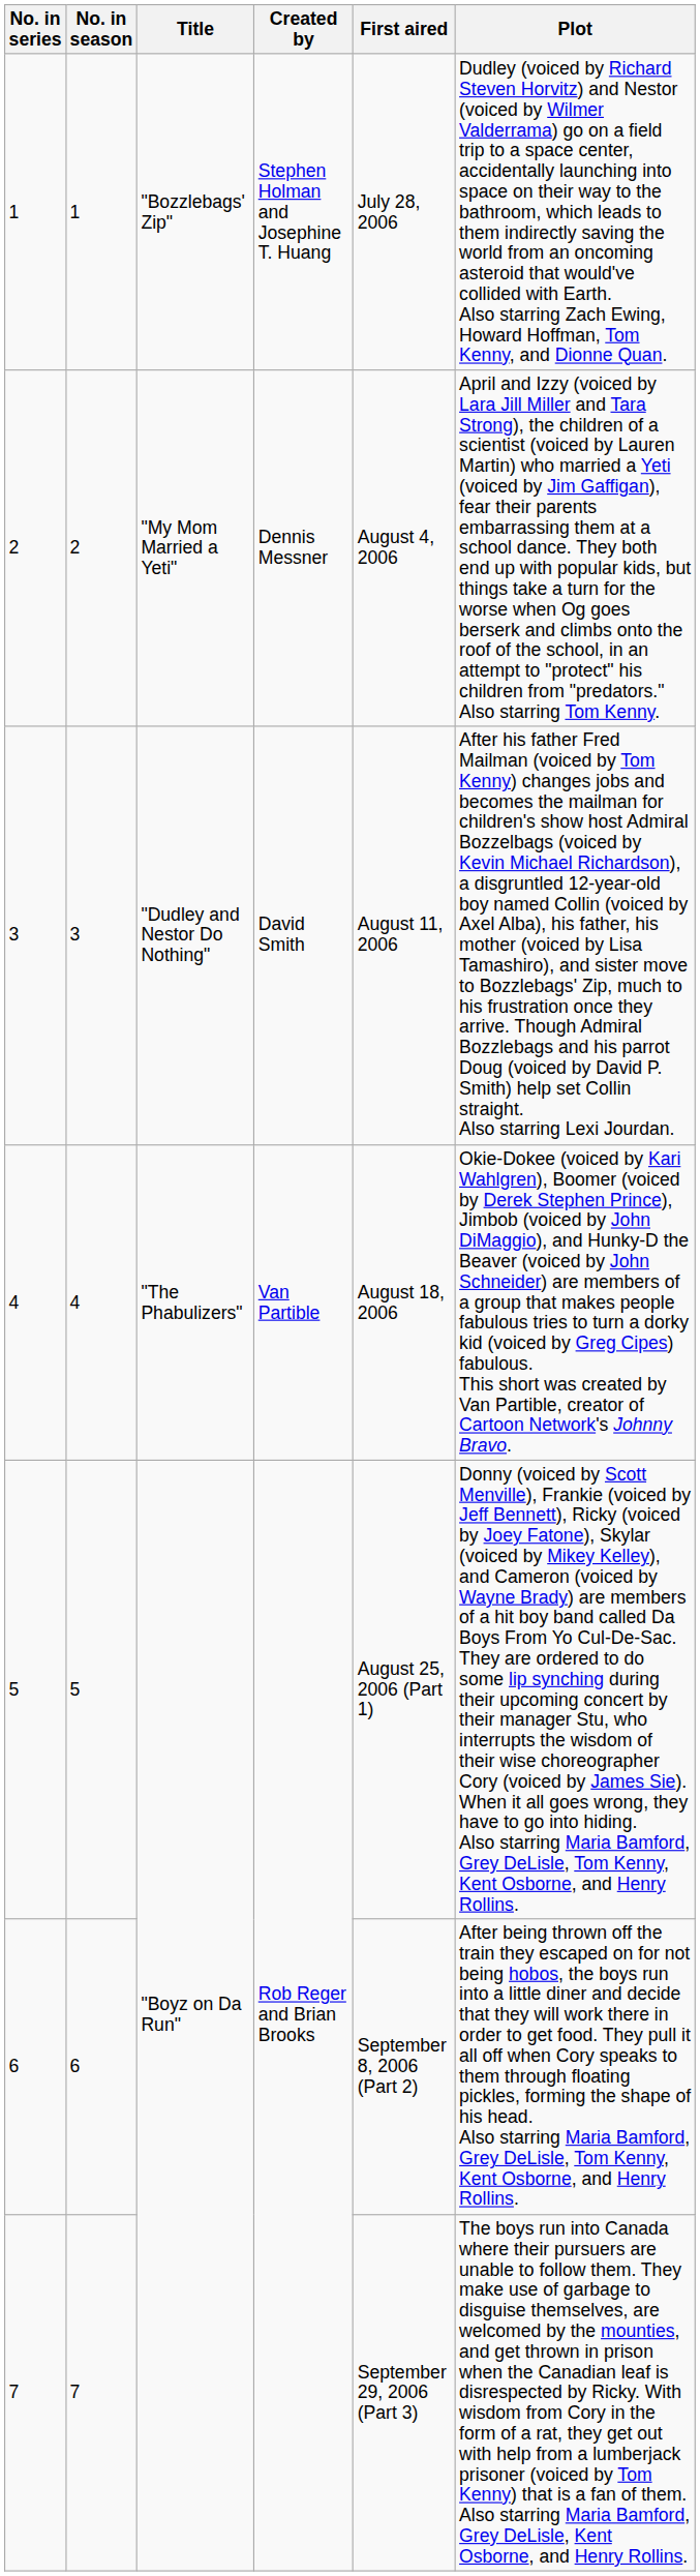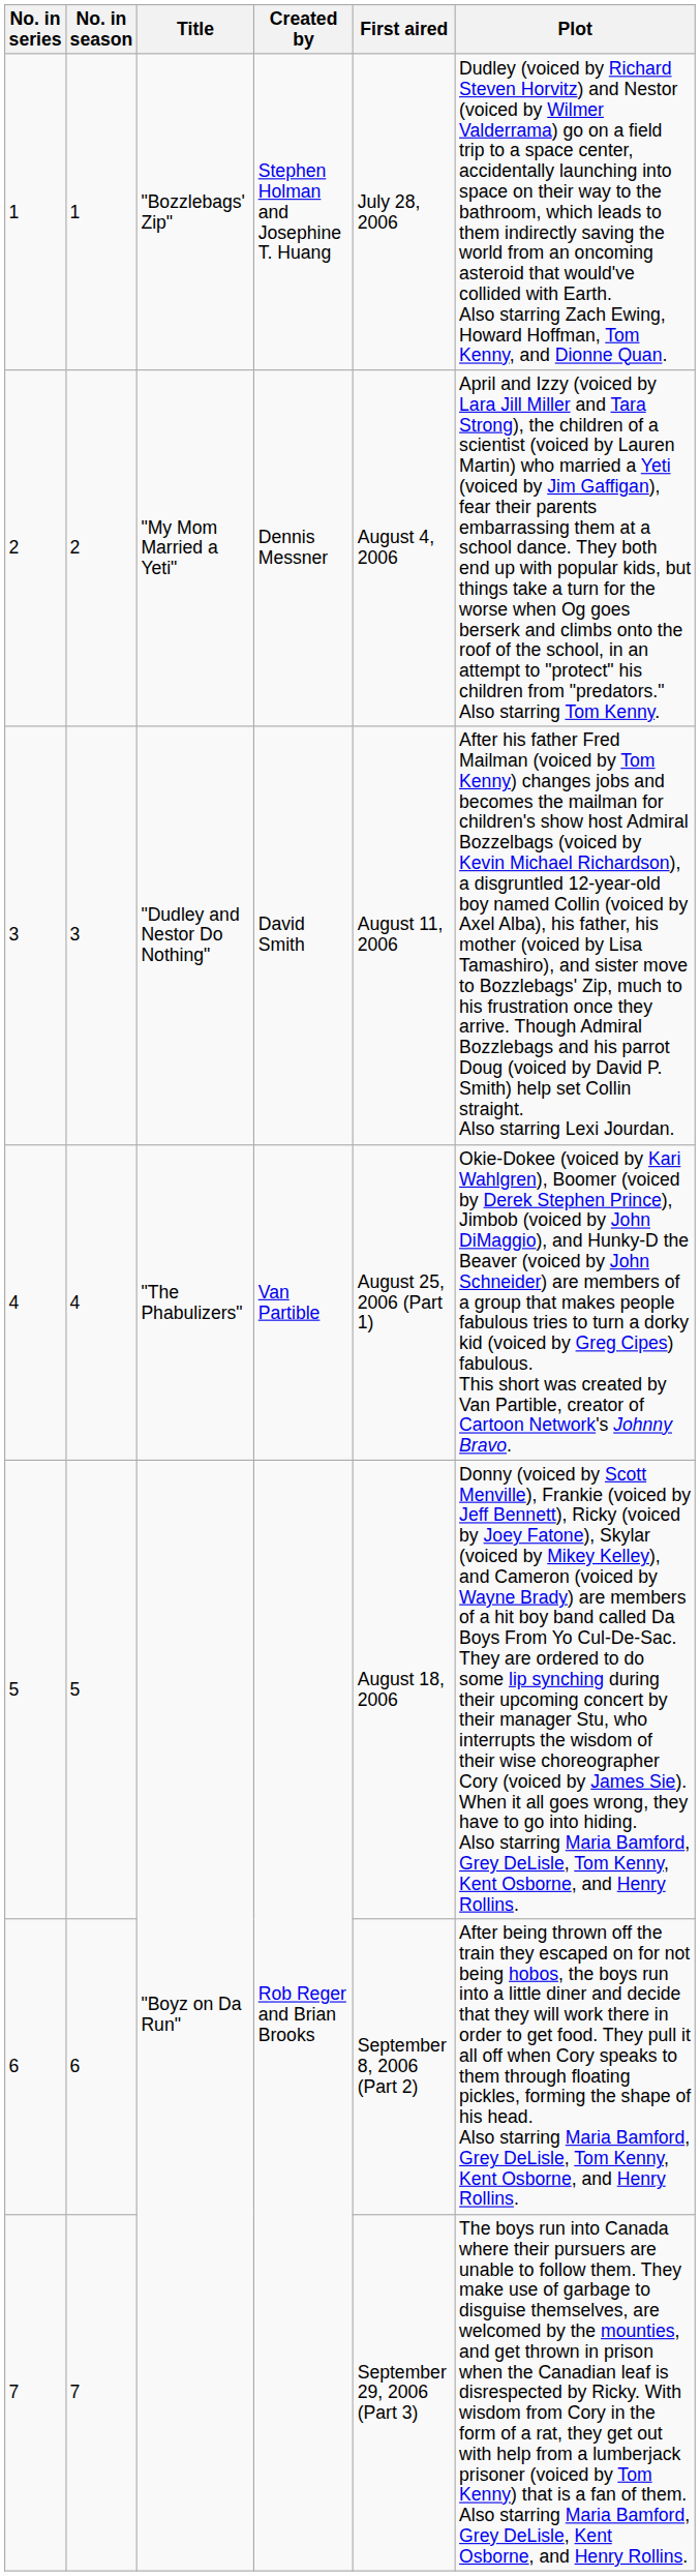 <table class="wikitable sortable">
 <tr>
 <th>No. in<br>series</th>
 <th>No. in<br>season</th>
 <th>Title</th>
 <th>Created by</th>
 <th>First aired</th>
 <th>Plot</th>
 </tr>
 <tr>
 <td>1</td>
 <td>1</td>
 <td>"Bozzlebags' Zip"</td>
 <td><a href='#'>Stephen Holman</a> and Josephine T. Huang</td>
 <td>July 28, 2006</td>
 <td>Dudley (voiced by <a href='#'>Richard Steven Horvitz</a>) and Nestor (voiced by <a href='#'>Wilmer Valderrama</a>) go on a field trip to a space center, accidentally launching into space on their way to the bathroom, which leads to them indirectly saving the world from an oncoming asteroid that would've collided with Earth.<br>Also starring Zach Ewing, Howard Hoffman, <a href='#'>Tom Kenny</a>, and <a href='#'>Dionne Quan</a>.</td>
 </tr>
 <tr>
 <td>2</td>
 <td>2</td>
 <td>"My Mom Married a Yeti"</td>
 <td>Dennis Messner</td>
 <td>August 4, 2006</td>
 <td>April and Izzy (voiced by <a href='#'>Lara Jill Miller</a> and <a href='#'>Tara Strong</a>), the children of a scientist (voiced by Lauren Martin) who married a <a href='#'>Yeti</a> (voiced by <a href='#'>Jim Gaffigan</a>), fear their parents embarrassing them at a school dance. They both end up with popular kids, but things take a turn for the worse when Og goes berserk and climbs onto the roof of the school, in an attempt to "protect" his children from "predators."<br>Also starring <a href='#'>Tom Kenny</a>.</td>
 </tr>
 <tr>
 <td>3</td>
 <td>3</td>
 <td>"Dudley and Nestor Do Nothing"</td>
 <td>David Smith</td>
 <td>August 11, 2006</td>
 <td>After his father Fred Mailman (voiced by <a href='#'>Tom Kenny</a>) changes jobs and becomes the mailman for children's show host Admiral Bozzelbags (voiced by <a href='#'>Kevin Michael Richardson</a>), a disgruntled 12-year-old boy named Collin (voiced by Axel Alba), his father, his mother (voiced by Lisa Tamashiro), and sister move to Bozzlebags' Zip, much to his frustration once they arrive. Though Admiral Bozzlebags and his parrot Doug (voiced by David P. Smith) help set Collin straight.<br>Also starring Lexi Jourdan.</td>
 </tr>
 <tr>
 <td>4</td>
 <td>4</td>
 <td>"The Phabulizers"</td>
 <td><a href='#'>Van Partible</a></td>
-<td>August 18, 2006</td>
+<td>August 25, 2006 (Part 1)</td>
 <td>Okie-Dokee (voiced by <a href='#'>Kari Wahlgren</a>), Boomer (voiced by <a href='#'>Derek Stephen Prince</a>), Jimbob (voiced by <a href='#'>John DiMaggio</a>), and Hunky-D the Beaver (voiced by <a href='#'>John Schneider</a>) are members of a group that makes people fabulous tries to turn a dorky kid (voiced by <a href='#'>Greg Cipes</a>) fabulous.<br>This short was created by Van Partible, creator of <a href='#'>Cartoon Network</a>'s <em><a href='#'>Johnny Bravo</a></em>.</td>
 </tr>
 <tr>
 <td>5</td>
 <td>5</td>
 <td rowspan="3">"Boyz on Da Run"</td>
 <td rowspan="3"><a href='#'>Rob Reger</a> and Brian Brooks</td>
-<td>August 25, 2006 (Part 1)</td>
+<td>August 18, 2006</td>
 <td>Donny (voiced by <a href='#'>Scott Menville</a>), Frankie (voiced by <a href='#'>Jeff Bennett</a>), Ricky (voiced by <a href='#'>Joey Fatone</a>), Skylar (voiced by <a href='#'>Mikey Kelley</a>), and Cameron (voiced by <a href='#'>Wayne Brady</a>) are members of a hit boy band called Da Boys From Yo Cul-De-Sac. They are ordered to do some <a href='#'>lip synching</a> during their upcoming concert by their manager Stu, who interrupts the wisdom of their wise choreographer Cory (voiced by <a href='#'>James Sie</a>). When it all goes wrong, they have to go into hiding.<br>Also starring <a href='#'>Maria Bamford</a>, <a href='#'>Grey DeLisle</a>, <a href='#'>Tom Kenny</a>, <a href='#'>Kent Osborne</a>, and <a href='#'>Henry Rollins</a>.</td>
 </tr>
 <tr>
 <td>6</td>
 <td>6</td>
 <td>September 8, 2006 (Part 2)</td>
 <td>After being thrown off the train they escaped on for not being <a href='#'>hobos</a>, the boys run into a little diner and decide that they will work there in order to get food. They pull it all off when Cory speaks to them through floating pickles, forming the shape of his head.<br>Also starring <a href='#'>Maria Bamford</a>, <a href='#'>Grey DeLisle</a>, <a href='#'>Tom Kenny</a>, <a href='#'>Kent Osborne</a>, and <a href='#'>Henry Rollins</a>.</td>
 </tr>
 <tr>
 <td>7</td>
 <td>7</td>
 <td>September 29, 2006 (Part 3)</td>
 <td>The boys run into Canada where their pursuers are unable to follow them. They make use of garbage to disguise themselves, are welcomed by the <a href='#'>mounties</a>, and get thrown in prison when the Canadian leaf is disrespected by Ricky. With wisdom from Cory in the form of a rat, they get out with help from a lumberjack prisoner (voiced by <a href='#'>Tom Kenny</a>) that is a fan of them.<br>Also starring <a href='#'>Maria Bamford</a>, <a href='#'>Grey DeLisle</a>, <a href='#'>Kent Osborne</a>, and <a href='#'>Henry Rollins</a>.</td>
 </tr>
 </table>
